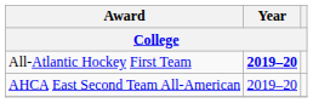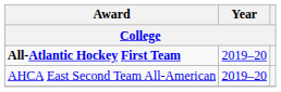 <table class="wikitable">
 <tr>
 <th>Award</th>
 <th>Year</th>
 <th></th>
 </tr>
 <tr ALIGN="center" bgcolor="#e0e0e0">
 <th colspan="3"><a href='#'>College</a></th>
 </tr>
 <tr>
-<td>All-<a href='#'>Atlantic Hockey</a> <a href='#'>First Team</a></td>
-<td><strong><a href='#'>2019–20</a></strong></td>
+<td><strong>All-<a href='#'>Atlantic Hockey</a> <a href='#'>First Team</a></strong></td>
+<td><a href='#'>2019–20</a></td>
 <td></td>
 </tr>
 <tr>
 <td><a href='#'>AHCA</a> <a href='#'>East Second Team All-American</a></td>
 <td><a href='#'>2019–20</a></td>
 <td></td>
 </tr>
 <tr>
 </tr>
 </table>
